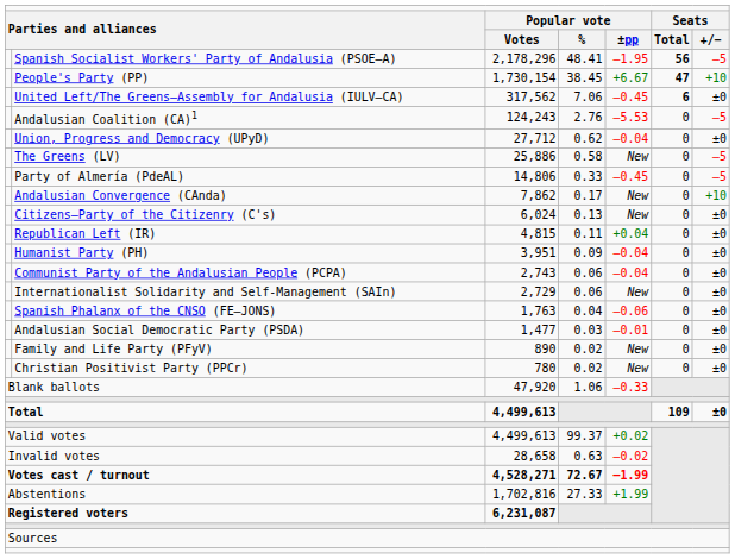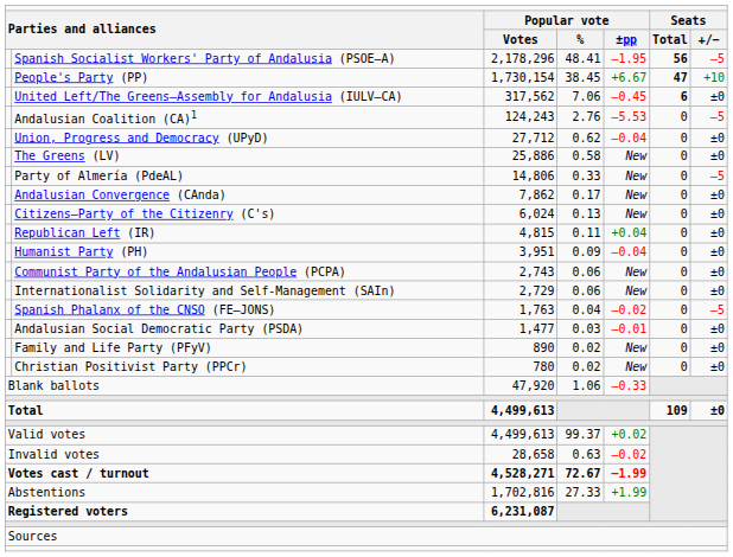 <table class="wikitable" style="text-align:right;">
 <tr>
 <td colspan="7"></td>
 </tr>
 <tr>
 <th style="text-align:left;" rowspan="2" colspan="2" width="525">Parties and alliances</th>
 <th colspan="3">Popular vote</th>
 <th colspan="2">Seats</th>
 </tr>
 <tr>
 <th width="75">Votes</th>
 <th width="45">%</th>
 <th width="45">±<a href='#'>pp</a></th>
 <th width="35">Total</th>
 <th width="35">+/−</th>
 </tr>
 <tr>
 <td width="1" style="color:inherit;background:"></td>
 <td align="left"><a href='#'>Spanish Socialist Workers' Party of Andalusia</a> (PSOE–A)</td>
 <td>2,178,296</td>
 <td>48.41</td>
 <td style="color:red;">–1.95</td>
 <td><strong>56</strong></td>
 <td style="color:red;">–5</td>
 </tr>
 <tr>
 <td style="color:inherit;background:"></td>
 <td align="left"><a href='#'>People's Party</a> (PP)</td>
 <td>1,730,154</td>
 <td>38.45</td>
 <td style="color:green;">+6.67</td>
 <td><strong>47</strong></td>
 <td style="color:green;">+10</td>
 </tr>
 <tr>
 <td style="color:inherit;background:"></td>
 <td align="left"><a href='#'>United Left/The Greens–Assembly for Andalusia</a> (IULV–CA)</td>
 <td>317,562</td>
 <td>7.06</td>
 <td style="color:red;">–0.45</td>
 <td><strong>6</strong></td>
 <td>±0</td>
 </tr>
 <tr>
 <td style="color:inherit;background:"></td>
 <td align="left">Andalusian Coalition (CA)<sup>1</sup></td>
 <td>124,243</td>
 <td>2.76</td>
 <td style="color:red;">–5.53</td>
 <td>0</td>
 <td style="color:red;">–5</td>
 </tr>
 <tr>
 <td style="color:inherit;background:"></td>
 <td align="left"><a href='#'>Union, Progress and Democracy</a> (UPyD)</td>
 <td>27,712</td>
 <td>0.62</td>
 <td style="color:red;">–0.04</td>
 <td>0</td>
 <td>±0</td>
 </tr>
 <tr>
 <td style="color:inherit;background:"></td>
 <td align="left"><a href='#'>The Greens</a> (LV)</td>
 <td>25,886</td>
 <td>0.58</td>
 <td><em>New</em></td>
 <td>0</td>
-<td style="color:red;">–5</td>
+<td>±0</td>
 </tr>
 <tr>
 <td style="color:inherit;background:"></td>
 <td align="left">Party of Almería (PdeAL)</td>
 <td>14,806</td>
 <td>0.33</td>
-<td style="color:red;">–0.45</td>
+<td><em>New</em></td>
 <td>0</td>
 <td style="color:red;">–5</td>
 </tr>
 <tr>
 <td style="color:inherit;background:"></td>
 <td align="left"><a href='#'>Andalusian Convergence</a> (CAnda)</td>
 <td>7,862</td>
 <td>0.17</td>
 <td><em>New</em></td>
 <td>0</td>
-<td style="color:green;">+10</td>
+<td>±0</td>
 </tr>
 <tr>
 <td style="color:inherit;background:"></td>
 <td align="left"><a href='#'>Citizens–Party of the Citizenry</a> (C's)</td>
 <td>6,024</td>
 <td>0.13</td>
 <td><em>New</em></td>
 <td>0</td>
 <td>±0</td>
 </tr>
 <tr>
 <td style="color:inherit;background:"></td>
 <td align="left"><a href='#'>Republican Left</a> (IR)</td>
 <td>4,815</td>
 <td>0.11</td>
 <td style="color:green;">+0.04</td>
 <td>0</td>
 <td>±0</td>
 </tr>
 <tr>
 <td style="color:inherit;background:"></td>
 <td align="left"><a href='#'>Humanist Party</a> (PH)</td>
 <td>3,951</td>
 <td>0.09</td>
 <td style="color:red;">–0.04</td>
 <td>0</td>
 <td>±0</td>
 </tr>
 <tr>
 <td style="color:inherit;background:"></td>
 <td align="left"><a href='#'>Communist Party of the Andalusian People</a> (PCPA)</td>
 <td>2,743</td>
 <td>0.06</td>
-<td style="color:red;">–0.04</td>
+<td><em>New</em></td>
 <td>0</td>
 <td>±0</td>
 </tr>
 <tr>
 <td style="color:inherit;background:"></td>
 <td align="left">Internationalist Solidarity and Self-Management (SAIn)</td>
 <td>2,729</td>
 <td>0.06</td>
 <td><em>New</em></td>
 <td>0</td>
 <td>±0</td>
 </tr>
 <tr>
 <td style="color:inherit;background:"></td>
 <td align="left"><a href='#'>Spanish Phalanx of the CNSO</a> (FE–JONS)</td>
 <td>1,763</td>
 <td>0.04</td>
-<td style="color:red;">–0.06</td>
+<td style="color:red;">–0.02</td>
 <td>0</td>
-<td>±0</td>
+<td style="color:red;">–5</td>
 </tr>
 <tr>
 <td style="color:inherit;background:"></td>
 <td align="left">Andalusian Social Democratic Party (PSDA)</td>
 <td>1,477</td>
 <td>0.03</td>
 <td style="color:red;">–0.01</td>
 <td>0</td>
 <td>±0</td>
 </tr>
 <tr>
 <td style="color:inherit;background:"></td>
 <td align="left">Family and Life Party (PFyV)</td>
 <td>890</td>
 <td>0.02</td>
 <td><em>New</em></td>
 <td>0</td>
 <td>±0</td>
 </tr>
 <tr>
 <td style="color:inherit;background:"></td>
 <td align="left">Christian Positivist Party (PPCr)</td>
 <td>780</td>
 <td>0.02</td>
 <td><em>New</em></td>
 <td>0</td>
 <td>±0</td>
 </tr>
 <tr>
 <td align="left" colspan="2">Blank ballots</td>
 <td>47,920</td>
 <td>1.06</td>
 <td style="color:red;">–0.33</td>
 <td bgcolor="#E9E9E9" colspan="2"></td>
 </tr>
 <tr>
 <td colspan="7" bgcolor="#E9E9E9"></td>
 </tr>
 <tr style="font-weight:bold;">
 <td align="left" colspan="2">Total</td>
 <td>4,499,613</td>
 <td bgcolor="#E9E9E9" colspan="2"></td>
 <td>109</td>
 <td>±0</td>
 </tr>
 <tr>
 <td colspan="7" bgcolor="#E9E9E9"></td>
 </tr>
 <tr>
 <td align="left" colspan="2">Valid votes</td>
 <td>4,499,613</td>
 <td>99.37</td>
 <td style="color:green;">+0.02</td>
 <td bgcolor="#E9E9E9" colspan="2" rowspan="5"></td>
 </tr>
 <tr>
 <td align="left" colspan="2">Invalid votes</td>
 <td>28,658</td>
 <td>0.63</td>
 <td style="color:red;">–0.02</td>
 </tr>
 <tr style="font-weight:bold;">
 <td align="left" colspan="2">Votes cast / turnout</td>
 <td>4,528,271</td>
 <td>72.67</td>
 <td style="color:red;">–1.99</td>
 </tr>
 <tr>
 <td align="left" colspan="2">Abstentions</td>
 <td>1,702,816</td>
 <td>27.33</td>
 <td style="color:green;">+1.99</td>
 </tr>
 <tr style="font-weight:bold;">
 <td align="left" colspan="2">Registered voters</td>
 <td>6,231,087</td>
 <td bgcolor="#E9E9E9" colspan="2"></td>
 </tr>
 <tr>
 <td colspan="7" bgcolor="#E9E9E9"></td>
 </tr>
 <tr>
 <td align="left" colspan="7">Sources</td>
 </tr>
 <tr>
 <td colspan="7" style="text-align:left; max-width:790px;"></td>
 </tr>
 </table>
